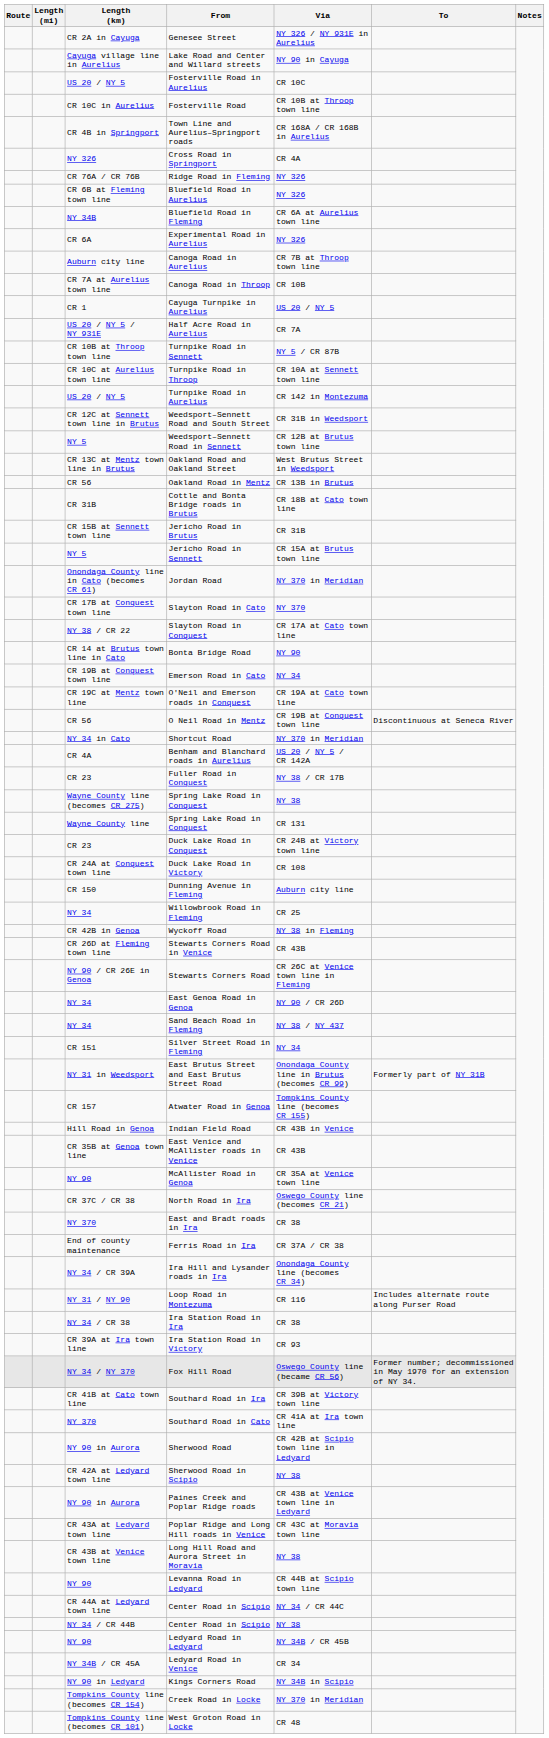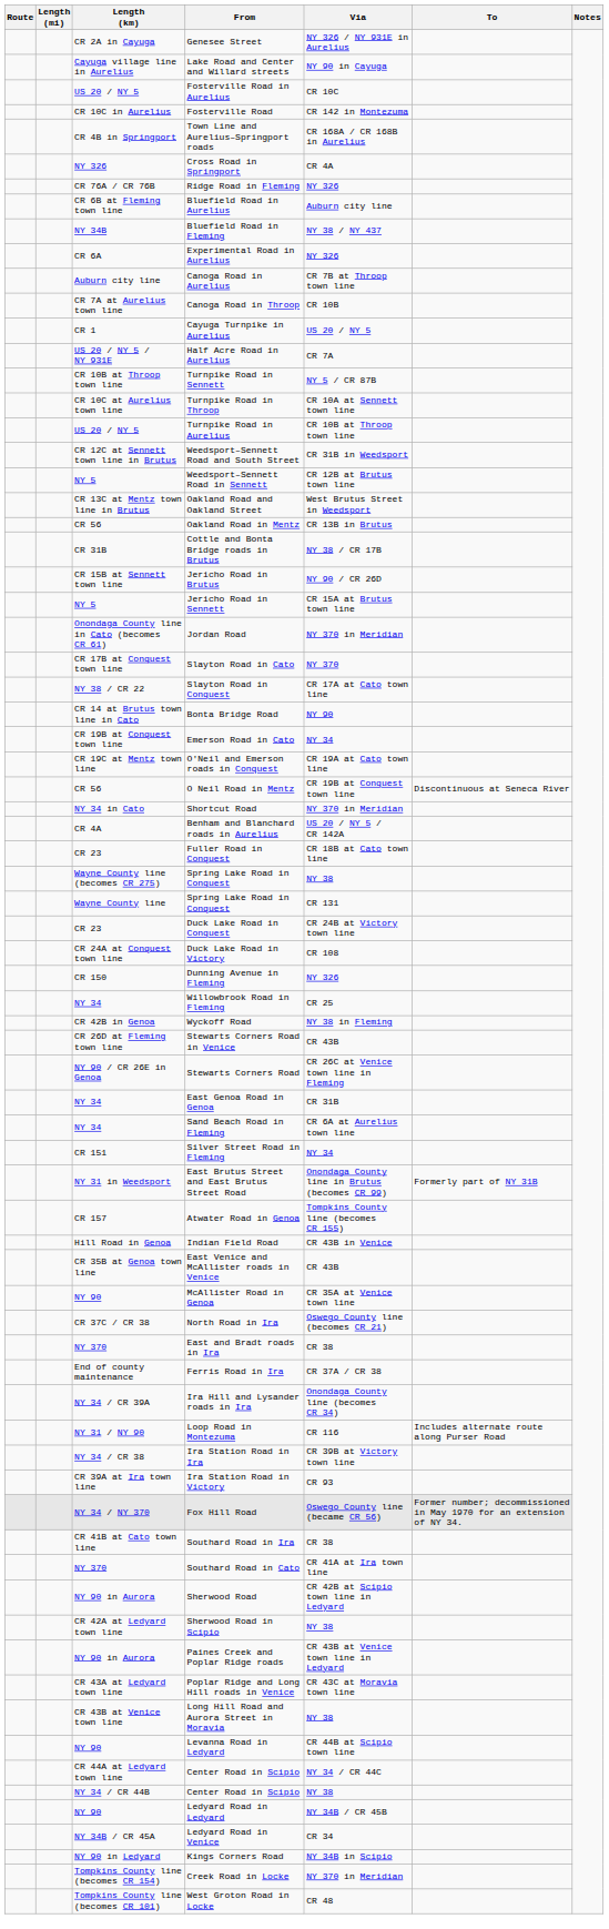 <table class="wikitable sortable">
 <tr>
 <th>Route</th>
 <th>Length<br>(mi)</th>
 <th>Length<br>(km)</th>
 <th class="unsortable">From</th>
 <th class="unsortable">Via</th>
 <th class="unsortable">To</th>
 <th class="unsortable">Notes</th>
 </tr>
 <tr>
 <td id="1"></td>
 <td></td>
 <td>CR 2A in <a href='#'>Cayuga</a></td>
 <td>Genesee Street</td>
 <td><a href='#'>NY&nbsp;326</a> / <a href='#'>NY&nbsp;931E</a> in <a href='#'>Aurelius</a></td>
 <td></td>
 </tr>
 <tr>
 <td id="2A"></td>
 <td></td>
 <td><a href='#'>Cayuga</a> village line in <a href='#'>Aurelius</a></td>
 <td>Lake Road and Center and Willard streets</td>
 <td><a href='#'>NY&nbsp;90</a> in <a href='#'>Cayuga</a></td>
 <td></td>
 </tr>
 <tr>
 <td id="3A"></td>
 <td></td>
 <td><a href='#'>US 20</a> / <a href='#'>NY&nbsp;5</a></td>
 <td>Fosterville Road in <a href='#'>Aurelius</a></td>
 <td>CR 10C</td>
 <td></td>
 </tr>
 <tr>
 <td id="3B"></td>
 <td></td>
 <td>CR 10C in <a href='#'>Aurelius</a></td>
 <td>Fosterville Road</td>
-<td>CR 10B at <a href='#'>Throop</a> town line</td>
+<td>CR 142 in <a href='#'>Montezuma</a></td>
 <td></td>
 </tr>
 <tr>
 <td id="4A"></td>
 <td></td>
 <td>CR 4B in <a href='#'>Springport</a></td>
 <td>Town Line and Aurelius–Springport roads</td>
 <td>CR 168A / CR 168B in <a href='#'>Aurelius</a></td>
 <td></td>
 </tr>
 <tr>
 <td id="4B"></td>
 <td></td>
 <td><a href='#'>NY&nbsp;326</a></td>
 <td>Cross Road in <a href='#'>Springport</a></td>
 <td>CR 4A</td>
 <td></td>
 </tr>
 <tr>
 <td id="5B"></td>
 <td></td>
 <td>CR 76A / CR 76B</td>
 <td>Ridge Road in <a href='#'>Fleming</a></td>
 <td><a href='#'>NY&nbsp;326</a></td>
 <td></td>
 </tr>
 <tr>
 <td id="6A"></td>
 <td></td>
 <td>CR 6B at <a href='#'>Fleming</a> town line</td>
 <td>Bluefield Road in <a href='#'>Aurelius</a></td>
-<td><a href='#'>NY&nbsp;326</a></td>
+<td><a href='#'>Auburn</a> city line</td>
 <td></td>
 </tr>
 <tr>
 <td id="6B"></td>
 <td></td>
 <td><a href='#'>NY&nbsp;34B</a></td>
 <td>Bluefield Road in <a href='#'>Fleming</a></td>
-<td>CR 6A at <a href='#'>Aurelius</a> town line</td>
+<td><a href='#'>NY&nbsp;38</a> / <a href='#'>NY&nbsp;437</a></td>
 <td></td>
 </tr>
 <tr>
 <td id="6C"></td>
 <td></td>
 <td>CR 6A</td>
 <td>Experimental Road in <a href='#'>Aurelius</a></td>
 <td><a href='#'>NY&nbsp;326</a></td>
 <td></td>
 </tr>
 <tr>
 <td id="7A"></td>
 <td></td>
 <td><a href='#'>Auburn</a> city line</td>
 <td>Canoga Road in <a href='#'>Aurelius</a></td>
 <td>CR 7B at <a href='#'>Throop</a> town line</td>
 <td></td>
 </tr>
 <tr>
 <td id="7B"></td>
 <td></td>
 <td>CR 7A at <a href='#'>Aurelius</a> town line</td>
 <td>Canoga Road in <a href='#'>Throop</a></td>
 <td>CR 10B</td>
 <td></td>
 </tr>
 <tr>
 <td id="8A"></td>
 <td></td>
 <td>CR 1</td>
 <td>Cayuga Turnpike in <a href='#'>Aurelius</a></td>
 <td><a href='#'>US 20</a> / <a href='#'>NY&nbsp;5</a></td>
 <td></td>
 </tr>
 <tr>
 <td id="9"></td>
 <td></td>
 <td><a href='#'>US 20</a> / <a href='#'>NY&nbsp;5</a> / <a href='#'>NY&nbsp;931E</a></td>
 <td>Half Acre Road in <a href='#'>Aurelius</a></td>
 <td>CR 7A</td>
 <td></td>
 </tr>
 <tr>
 <td id="10A"></td>
 <td></td>
 <td>CR 10B at <a href='#'>Throop</a> town line</td>
 <td>Turnpike Road in <a href='#'>Sennett</a></td>
 <td><a href='#'>NY&nbsp;5</a> / CR 87B</td>
 <td></td>
 </tr>
 <tr>
 <td id="10B"></td>
 <td></td>
 <td>CR 10C at <a href='#'>Aurelius</a> town line</td>
 <td>Turnpike Road in <a href='#'>Throop</a></td>
 <td>CR 10A at <a href='#'>Sennett</a> town line</td>
 <td></td>
 </tr>
 <tr>
 <td id="10C"></td>
 <td></td>
 <td><a href='#'>US 20</a> / <a href='#'>NY&nbsp;5</a></td>
 <td>Turnpike Road in <a href='#'>Aurelius</a></td>
-<td>CR 142 in <a href='#'>Montezuma</a></td>
+<td>CR 10B at <a href='#'>Throop</a> town line</td>
 <td></td>
 </tr>
 <tr>
 <td id="12B"></td>
 <td></td>
 <td>CR 12C at <a href='#'>Sennett</a> town line in <a href='#'>Brutus</a></td>
 <td>Weedsport–Sennett Road and South Street</td>
 <td>CR 31B in <a href='#'>Weedsport</a></td>
 <td></td>
 </tr>
 <tr>
 <td id="12C"></td>
 <td></td>
 <td><a href='#'>NY&nbsp;5</a></td>
 <td>Weedsport–Sennett Road in <a href='#'>Sennett</a></td>
 <td>CR 12B at <a href='#'>Brutus</a> town line</td>
 <td></td>
 </tr>
 <tr>
 <td id="13B"></td>
 <td></td>
 <td>CR 13C at <a href='#'>Mentz</a> town line in <a href='#'>Brutus</a></td>
 <td>Oakland Road and Oakland Street</td>
 <td>West Brutus Street in <a href='#'>Weedsport</a></td>
 <td></td>
 </tr>
 <tr>
 <td id="13C"></td>
 <td></td>
 <td>CR 56</td>
 <td>Oakland Road in <a href='#'>Mentz</a></td>
 <td>CR 13B in <a href='#'>Brutus</a></td>
 <td></td>
 </tr>
 <tr>
 <td id="14"></td>
 <td></td>
 <td>CR 31B</td>
 <td>Cottle and Bonta Bridge roads in <a href='#'>Brutus</a></td>
-<td>CR 18B at <a href='#'>Cato</a> town line</td>
+<td><a href='#'>NY&nbsp;38</a> / CR 17B</td>
 <td></td>
 </tr>
 <tr>
 <td id="15A"></td>
 <td></td>
 <td>CR 15B at <a href='#'>Sennett</a> town line</td>
 <td>Jericho Road in <a href='#'>Brutus</a></td>
-<td>CR 31B</td>
+<td><a href='#'>NY&nbsp;90</a> / CR 26D</td>
 <td></td>
 </tr>
 <tr>
 <td id="15B"></td>
 <td></td>
 <td><a href='#'>NY&nbsp;5</a></td>
 <td>Jericho Road in <a href='#'>Sennett</a></td>
 <td>CR 15A at <a href='#'>Brutus</a> town line</td>
 <td></td>
 </tr>
 <tr>
 <td id="16"></td>
 <td></td>
 <td><a href='#'>Onondaga County</a> line in <a href='#'>Cato</a> (becomes <a href='#'>CR 61</a>)</td>
 <td>Jordan Road</td>
 <td><a href='#'>NY&nbsp;370</a> in <a href='#'>Meridian</a></td>
 <td></td>
 </tr>
 <tr>
 <td id="17A"></td>
 <td></td>
 <td>CR 17B at <a href='#'>Conquest</a> town line</td>
 <td>Slayton Road in <a href='#'>Cato</a></td>
 <td><a href='#'>NY&nbsp;370</a></td>
 <td></td>
 </tr>
 <tr>
 <td id="17B"></td>
 <td></td>
 <td><a href='#'>NY&nbsp;38</a> / CR 22</td>
 <td>Slayton Road in <a href='#'>Conquest</a></td>
 <td>CR 17A at <a href='#'>Cato</a> town line</td>
 <td></td>
 </tr>
 <tr>
 <td id="18B"></td>
 <td></td>
 <td>CR 14 at <a href='#'>Brutus</a> town line in <a href='#'>Cato</a></td>
 <td>Bonta Bridge Road</td>
 <td><a href='#'>NY&nbsp;90</a></td>
 <td></td>
 </tr>
 <tr>
 <td id="19A"></td>
 <td></td>
 <td>CR 19B at <a href='#'>Conquest</a> town line</td>
 <td>Emerson Road in <a href='#'>Cato</a></td>
 <td><a href='#'>NY&nbsp;34</a></td>
 <td></td>
 </tr>
 <tr>
 <td id="19B"></td>
 <td></td>
 <td>CR 19C at <a href='#'>Mentz</a> town line</td>
 <td>O'Neil and Emerson roads in <a href='#'>Conquest</a></td>
 <td>CR 19A at <a href='#'>Cato</a> town line</td>
 <td></td>
 </tr>
 <tr>
 <td id="19C"></td>
 <td></td>
 <td>CR 56</td>
 <td>O Neil Road in <a href='#'>Mentz</a></td>
 <td>CR 19B at <a href='#'>Conquest</a> town line</td>
 <td>Discontinuous at Seneca River</td>
 </tr>
 <tr>
 <td id="20B"></td>
 <td></td>
 <td><a href='#'>NY&nbsp;34</a> in <a href='#'>Cato</a></td>
 <td>Shortcut Road</td>
 <td><a href='#'>NY&nbsp;370</a> in <a href='#'>Meridian</a></td>
 <td></td>
 </tr>
 <tr>
 <td id="21"></td>
 <td></td>
 <td>CR 4A</td>
 <td>Benham and Blanchard roads in <a href='#'>Aurelius</a></td>
 <td><a href='#'>US 20</a> / <a href='#'>NY&nbsp;5</a> / CR 142A</td>
 <td></td>
 </tr>
 <tr>
 <td id="22"></td>
 <td></td>
 <td>CR 23</td>
 <td>Fuller Road in <a href='#'>Conquest</a></td>
-<td><a href='#'>NY&nbsp;38</a> / CR 17B</td>
+<td>CR 18B at <a href='#'>Cato</a> town line</td>
 <td></td>
 </tr>
 <tr>
 <td id="23"></td>
 <td></td>
 <td><a href='#'>Wayne County</a> line (becomes <a href='#'>CR 275</a>)</td>
 <td>Spring Lake Road in <a href='#'>Conquest</a></td>
 <td><a href='#'>NY&nbsp;38</a></td>
 <td></td>
 </tr>
 <tr>
 <td id="23A"></td>
 <td></td>
 <td><a href='#'>Wayne County</a> line</td>
 <td>Spring Lake Road in <a href='#'>Conquest</a></td>
 <td>CR 131</td>
 <td></td>
 </tr>
 <tr>
 <td id="24A"></td>
 <td></td>
 <td>CR 23</td>
 <td>Duck Lake Road in <a href='#'>Conquest</a></td>
 <td>CR 24B at <a href='#'>Victory</a> town line</td>
 <td></td>
 </tr>
 <tr>
 <td id="24B"></td>
 <td></td>
 <td>CR 24A at <a href='#'>Conquest</a> town line</td>
 <td>Duck Lake Road in <a href='#'>Victory</a></td>
 <td>CR 108</td>
 <td></td>
 </tr>
 <tr>
 <td id="25"></td>
 <td></td>
 <td>CR 150</td>
 <td>Dunning Avenue in <a href='#'>Fleming</a></td>
-<td><a href='#'>Auburn</a> city line</td>
+<td><a href='#'>NY&nbsp;326</a></td>
 <td></td>
 </tr>
 <tr>
 <td id="25A"></td>
 <td></td>
 <td><a href='#'>NY&nbsp;34</a></td>
 <td>Willowbrook Road in <a href='#'>Fleming</a></td>
 <td>CR 25</td>
 <td></td>
 </tr>
 <tr>
 <td id="26B"></td>
 <td></td>
 <td>CR 42B in <a href='#'>Genoa</a></td>
 <td>Wyckoff Road</td>
 <td><a href='#'>NY&nbsp;38</a> in <a href='#'>Fleming</a></td>
 <td></td>
 </tr>
 <tr>
 <td id="26C"></td>
 <td></td>
 <td>CR 26D at <a href='#'>Fleming</a> town line</td>
 <td>Stewarts Corners Road in <a href='#'>Venice</a></td>
 <td>CR 43B</td>
 <td></td>
 </tr>
 <tr>
 <td id="26D"></td>
 <td></td>
 <td><a href='#'>NY&nbsp;90</a> / CR 26E in <a href='#'>Genoa</a></td>
 <td>Stewarts Corners Road</td>
 <td>CR 26C at <a href='#'>Venice</a> town line in <a href='#'>Fleming</a></td>
 <td></td>
 </tr>
 <tr>
 <td id="26E"></td>
 <td></td>
 <td><a href='#'>NY&nbsp;34</a></td>
 <td>East Genoa Road in <a href='#'>Genoa</a></td>
-<td><a href='#'>NY&nbsp;90</a> / CR 26D</td>
+<td>CR 31B</td>
 <td></td>
 </tr>
 <tr>
 <td id="27"></td>
 <td></td>
 <td><a href='#'>NY&nbsp;34</a></td>
 <td>Sand Beach Road in <a href='#'>Fleming</a></td>
-<td><a href='#'>NY&nbsp;38</a> / <a href='#'>NY&nbsp;437</a></td>
+<td>CR 6A at <a href='#'>Aurelius</a> town line</td>
 <td></td>
 </tr>
 <tr>
 <td id="28A"></td>
 <td></td>
 <td>CR 151</td>
 <td>Silver Street Road in <a href='#'>Fleming</a></td>
 <td><a href='#'>NY&nbsp;34</a></td>
 <td></td>
 </tr>
 <tr>
 <td id="31B"></td>
 <td></td>
 <td><a href='#'>NY&nbsp;31</a> in <a href='#'>Weedsport</a></td>
 <td>East Brutus Street and East Brutus Street Road</td>
 <td><a href='#'>Onondaga County</a> line in <a href='#'>Brutus</a> (becomes <a href='#'>CR 99</a>)</td>
 <td>Formerly part of <a href='#'>NY&nbsp;31B</a></td>
 </tr>
 <tr>
 <td id="32"></td>
 <td></td>
 <td>CR 157</td>
 <td>Atwater Road in <a href='#'>Genoa</a></td>
 <td><a href='#'>Tompkins County</a> line (becomes <a href='#'>CR 155</a>)</td>
 <td></td>
 </tr>
 <tr>
 <td id="34"></td>
 <td></td>
 <td>Hill Road in <a href='#'>Genoa</a></td>
 <td>Indian Field Road</td>
 <td>CR 43B in <a href='#'>Venice</a></td>
 <td></td>
 </tr>
 <tr>
 <td id="35A"></td>
 <td></td>
 <td>CR 35B at <a href='#'>Genoa</a> town line</td>
 <td>East Venice and McAllister roads in <a href='#'>Venice</a></td>
 <td>CR 43B</td>
 <td></td>
 </tr>
 <tr>
 <td id="35B"></td>
 <td></td>
 <td><a href='#'>NY&nbsp;90</a></td>
 <td>McAllister Road in <a href='#'>Genoa</a></td>
 <td>CR 35A at <a href='#'>Venice</a> town line</td>
 <td></td>
 </tr>
 <tr>
 <td id="37A"></td>
 <td></td>
 <td>CR 37C / CR 38</td>
 <td>North Road in <a href='#'>Ira</a></td>
 <td><a href='#'>Oswego County</a> line (becomes <a href='#'>CR 21</a>)</td>
 <td></td>
 </tr>
 <tr>
 <td id="37B"></td>
 <td></td>
 <td><a href='#'>NY&nbsp;370</a></td>
 <td>East and Bradt roads in <a href='#'>Ira</a></td>
 <td>CR 38</td>
 <td></td>
 </tr>
 <tr>
 <td id="37C"></td>
 <td></td>
 <td>End of county maintenance</td>
 <td>Ferris Road in <a href='#'>Ira</a></td>
 <td>CR 37A / CR 38</td>
 <td></td>
 </tr>
 <tr>
 <td id="38"></td>
 <td></td>
 <td><a href='#'>NY&nbsp;34</a> / CR 39A</td>
 <td>Ira Hill and Lysander roads in <a href='#'>Ira</a></td>
 <td><a href='#'>Onondaga County</a> line (becomes <a href='#'>CR 34</a>)</td>
 <td></td>
 </tr>
 <tr>
 <td id="38B"></td>
 <td></td>
 <td><a href='#'>NY&nbsp;31</a> / <a href='#'>NY&nbsp;90</a></td>
 <td>Loop Road in <a href='#'>Montezuma</a></td>
 <td>CR 116</td>
 <td>Includes alternate route along Purser Road</td>
 </tr>
 <tr>
 <td id="39A"></td>
 <td></td>
 <td><a href='#'>NY&nbsp;34</a> / CR 38</td>
 <td>Ira Station Road in <a href='#'>Ira</a></td>
-<td>CR 38</td>
+<td>CR 39B at <a href='#'>Victory</a> town line</td>
 <td></td>
 </tr>
 <tr>
 <td id="39B"></td>
 <td></td>
 <td>CR 39A at <a href='#'>Ira</a> town line</td>
 <td>Ira Station Road in <a href='#'>Victory</a></td>
 <td>CR 93</td>
 <td></td>
 </tr>
 <tr style="background-color:#e7e7e7">
 <td id="40"></td>
 <td></td>
 <td><a href='#'>NY&nbsp;34</a> / <a href='#'>NY&nbsp;370</a></td>
 <td>Fox Hill Road</td>
 <td><a href='#'>Oswego County</a> line (became <a href='#'>CR 56</a>)</td>
 <td>Former number; decommissioned in May 1970 for an extension of NY 34.</td>
 </tr>
 <tr>
 <td id="41A"></td>
 <td></td>
 <td>CR 41B at <a href='#'>Cato</a> town line</td>
 <td>Southard Road in <a href='#'>Ira</a></td>
-<td>CR 39B at <a href='#'>Victory</a> town line</td>
+<td>CR 38</td>
 <td></td>
 </tr>
 <tr>
 <td id="41B"></td>
 <td></td>
 <td><a href='#'>NY&nbsp;370</a></td>
 <td>Southard Road in <a href='#'>Cato</a></td>
 <td>CR 41A at <a href='#'>Ira</a> town line</td>
 <td></td>
 </tr>
 <tr>
 <td id="42A"></td>
 <td></td>
 <td><a href='#'>NY&nbsp;90</a> in <a href='#'>Aurora</a></td>
 <td>Sherwood Road</td>
 <td>CR 42B at <a href='#'>Scipio</a> town line in <a href='#'>Ledyard</a></td>
 <td></td>
 </tr>
 <tr>
 <td id="42B"></td>
 <td></td>
 <td>CR 42A at <a href='#'>Ledyard</a> town line</td>
 <td>Sherwood Road in <a href='#'>Scipio</a></td>
 <td><a href='#'>NY&nbsp;38</a></td>
 <td></td>
 </tr>
 <tr>
 <td id="43A"></td>
 <td></td>
 <td><a href='#'>NY&nbsp;90</a> in <a href='#'>Aurora</a></td>
 <td>Paines Creek and Poplar Ridge roads</td>
 <td>CR 43B at <a href='#'>Venice</a> town line in <a href='#'>Ledyard</a></td>
 <td></td>
 </tr>
 <tr>
 <td id="43B"></td>
 <td></td>
 <td>CR 43A at <a href='#'>Ledyard</a> town line</td>
 <td>Poplar Ridge and Long Hill roads in <a href='#'>Venice</a></td>
 <td>CR 43C at <a href='#'>Moravia</a> town line</td>
 <td></td>
 </tr>
 <tr>
 <td id="43C"></td>
 <td></td>
 <td>CR 43B at <a href='#'>Venice</a> town line</td>
 <td>Long Hill Road and Aurora Street in <a href='#'>Moravia</a></td>
 <td><a href='#'>NY&nbsp;38</a></td>
 <td></td>
 </tr>
 <tr>
 <td id="44A"></td>
 <td></td>
 <td><a href='#'>NY&nbsp;90</a></td>
 <td>Levanna Road in <a href='#'>Ledyard</a></td>
 <td>CR 44B at <a href='#'>Scipio</a> town line</td>
 <td></td>
 </tr>
 <tr>
 <td id="44B"></td>
 <td></td>
 <td>CR 44A at <a href='#'>Ledyard</a> town line</td>
 <td>Center Road in <a href='#'>Scipio</a></td>
 <td><a href='#'>NY&nbsp;34</a> / CR 44C</td>
 <td></td>
 </tr>
 <tr>
 <td id="44C"></td>
 <td></td>
 <td><a href='#'>NY&nbsp;34</a> / CR 44B</td>
 <td>Center Road in <a href='#'>Scipio</a></td>
 <td><a href='#'>NY&nbsp;38</a></td>
 <td></td>
 </tr>
 <tr>
 <td id="45A"></td>
 <td></td>
 <td><a href='#'>NY&nbsp;90</a></td>
 <td>Ledyard Road in <a href='#'>Ledyard</a></td>
 <td><a href='#'>NY&nbsp;34B</a> / CR 45B</td>
 <td></td>
 </tr>
 <tr>
 <td id="45B"></td>
 <td></td>
 <td><a href='#'>NY&nbsp;34B</a> / CR 45A</td>
 <td>Ledyard Road in <a href='#'>Venice</a></td>
 <td>CR 34</td>
 <td></td>
 </tr>
 <tr>
 <td id="46"></td>
 <td></td>
 <td><a href='#'>NY&nbsp;90</a> in <a href='#'>Ledyard</a></td>
 <td>Kings Corners Road</td>
 <td><a href='#'>NY&nbsp;34B</a> in <a href='#'>Scipio</a></td>
 <td></td>
 </tr>
 <tr>
 <td id="48"></td>
 <td></td>
 <td><a href='#'>Tompkins County</a> line (becomes <a href='#'>CR 154</a>)</td>
 <td>Creek Road in <a href='#'>Locke</a></td>
 <td><a href='#'>NY&nbsp;370</a> in <a href='#'>Meridian</a></td>
 <td></td>
 </tr>
 <tr>
 <td id="50"></td>
 <td></td>
 <td><a href='#'>Tompkins County</a> line (becomes <a href='#'>CR 101</a>)</td>
 <td>West Groton Road in <a href='#'>Locke</a></td>
 <td>CR 48</td>
 <td></td>
 </tr>
 </table>
